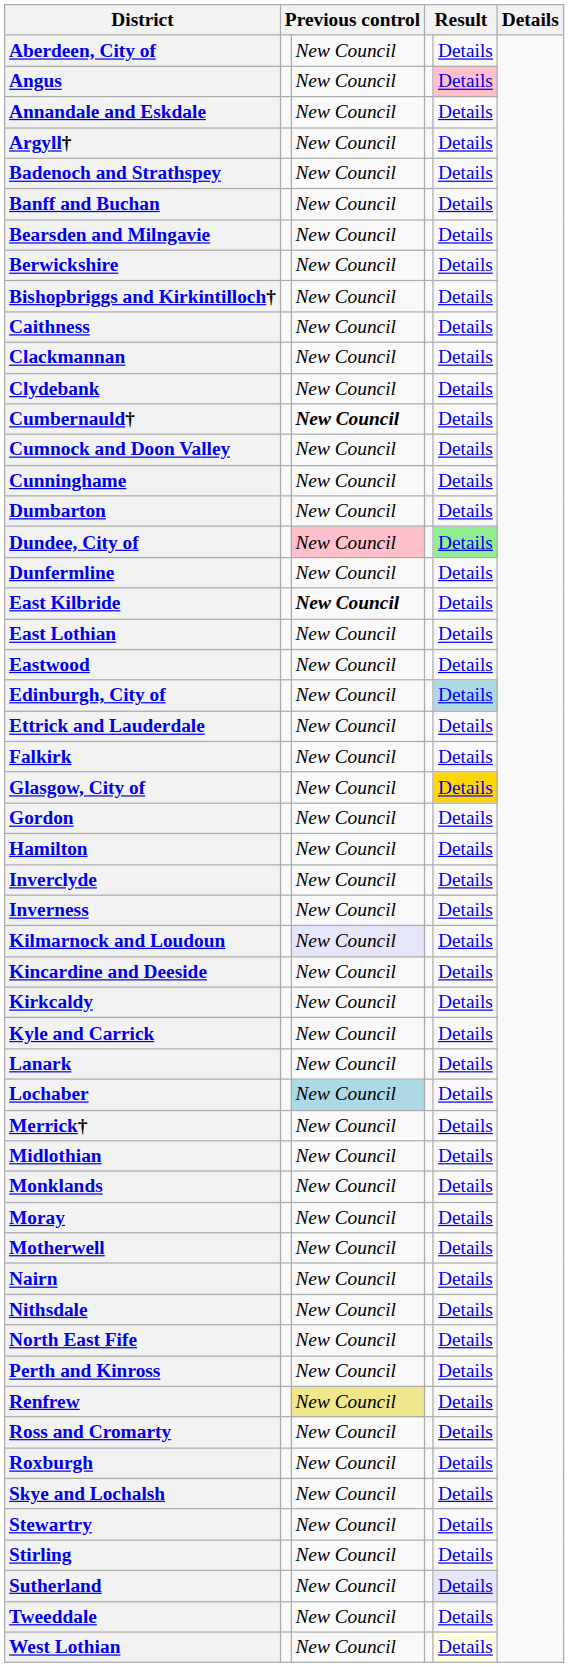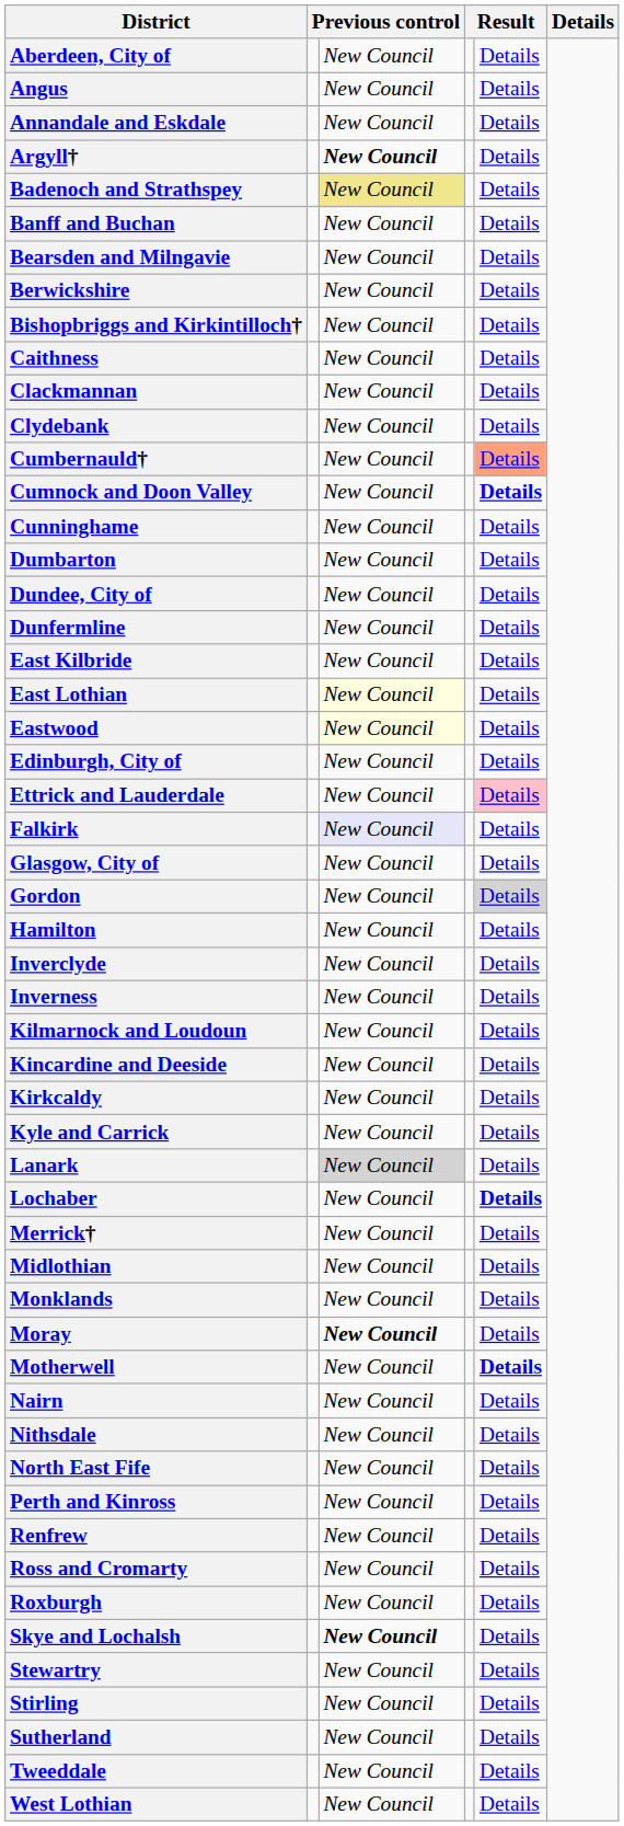 <table class="wikitable sortable" border="1">
 <tr>
 <th scope="col">District</th>
 <th colspan=2>Previous control</th>
 <th colspan=2>Result</th>
 <th class="unsortable" scope="col">Details</th>
 </tr>
 <tr>
 <th scope="row" style="text-align: left;"><a href='#'>Aberdeen, City of</a></th>
 <td></td>
 <td><em>New Council</em></td>
 <td></td>
 <td><a href='#'>Details</a></td>
 </tr>
 <tr>
 <th scope="row" style="text-align: left;"><a href='#'>Angus</a></th>
 <td></td>
 <td><em>New Council</em></td>
 <td></td>
-<td style="background: pink;"><a href='#'>Details</a></td>
+<td><a href='#'>Details</a></td>
 </tr>
 <tr>
 <th scope="row" style="text-align: left;"><a href='#'>Annandale and Eskdale</a></th>
 <td></td>
 <td><em>New Council</em></td>
 <td></td>
 <td><a href='#'>Details</a></td>
 </tr>
 <tr>
 <th scope="row" style="text-align: left;"><a href='#'>Argyll</a>†</th>
 <td></td>
-<td><em>New Council</em></td>
+<td><strong><em>New Council</em></strong></td>
 <td></td>
 <td><a href='#'>Details</a></td>
 </tr>
 <tr>
 <th scope="row" style="text-align: left;"><a href='#'>Badenoch and Strathspey</a></th>
 <td></td>
-<td><em>New Council</em></td>
+<td style="background: khaki;"><em>New Council</em></td>
 <td></td>
 <td><a href='#'>Details</a></td>
 </tr>
 <tr>
 <th scope="row" style="text-align: left;"><a href='#'>Banff and Buchan</a></th>
 <td></td>
 <td><em>New Council</em></td>
 <td></td>
 <td><a href='#'>Details</a></td>
 </tr>
 <tr>
 <th scope="row" style="text-align: left;"><a href='#'>Bearsden and Milngavie</a></th>
 <td></td>
 <td><em>New Council</em></td>
 <td></td>
 <td><a href='#'>Details</a></td>
 </tr>
 <tr>
 <th scope="row" style="text-align: left;"><a href='#'>Berwickshire</a></th>
 <td></td>
 <td><em>New Council</em></td>
 <td></td>
 <td><a href='#'>Details</a></td>
 </tr>
 <tr>
 <th scope="row" style="text-align: left;"><a href='#'>Bishopbriggs and Kirkintilloch</a>†</th>
 <td></td>
 <td><em>New Council</em></td>
 <td></td>
 <td><a href='#'>Details</a></td>
 </tr>
 <tr>
 <th scope="row" style="text-align: left;"><a href='#'>Caithness</a></th>
 <td></td>
 <td><em>New Council</em></td>
 <td></td>
 <td><a href='#'>Details</a></td>
 </tr>
 <tr>
 <th scope="row" style="text-align: left;"><a href='#'>Clackmannan</a></th>
 <td></td>
 <td><em>New Council</em></td>
 <td></td>
 <td><a href='#'>Details</a></td>
 </tr>
 <tr>
 <th scope="row" style="text-align: left;"><a href='#'>Clydebank</a></th>
 <td></td>
 <td><em>New Council</em></td>
 <td></td>
 <td><a href='#'>Details</a></td>
 </tr>
 <tr>
 <th scope="row" style="text-align: left;"><a href='#'>Cumbernauld</a>†</th>
 <td></td>
-<td><strong><em>New Council</em></strong></td>
+<td><em>New Council</em></td>
 <td></td>
-<td><a href='#'>Details</a></td>
+<td style="background: lightsalmon;"><a href='#'>Details</a></td>
 </tr>
 <tr>
 <th scope="row" style="text-align: left;"><a href='#'>Cumnock and Doon Valley</a></th>
 <td></td>
 <td><em>New Council</em></td>
 <td></td>
-<td><a href='#'>Details</a></td>
+<td><strong><a href='#'>Details</a></strong></td>
 </tr>
 <tr>
 <th scope="row" style="text-align: left;"><a href='#'>Cunninghame</a></th>
 <td></td>
 <td><em>New Council</em></td>
 <td></td>
 <td><a href='#'>Details</a></td>
 </tr>
 <tr>
 <th scope="row" style="text-align: left;"><a href='#'>Dumbarton</a></th>
 <td></td>
 <td><em>New Council</em></td>
 <td></td>
 <td><a href='#'>Details</a></td>
 </tr>
 <tr>
 <th scope="row" style="text-align: left;"><a href='#'>Dundee, City of</a></th>
 <td></td>
-<td style="background: pink;"><em>New Council</em></td>
+<td><em>New Council</em></td>
 <td></td>
-<td style="background: lightgreen;"><a href='#'>Details</a></td>
+<td><a href='#'>Details</a></td>
 </tr>
 <tr>
 <th scope="row" style="text-align: left;"><a href='#'>Dunfermline</a></th>
 <td></td>
 <td><em>New Council</em></td>
 <td></td>
 <td><a href='#'>Details</a></td>
 </tr>
 <tr>
 <th scope="row" style="text-align: left;"><a href='#'>East Kilbride</a></th>
 <td></td>
-<td><strong><em>New Council</em></strong></td>
+<td><em>New Council</em></td>
 <td></td>
 <td><a href='#'>Details</a></td>
 </tr>
 <tr>
 <th scope="row" style="text-align: left;"><a href='#'>East Lothian</a></th>
 <td></td>
-<td><em>New Council</em></td>
+<td style="background: lightyellow;"><em>New Council</em></td>
 <td></td>
 <td><a href='#'>Details</a></td>
 </tr>
 <tr>
 <th scope="row" style="text-align: left;"><a href='#'>Eastwood</a></th>
 <td></td>
-<td><em>New Council</em></td>
+<td style="background: lightyellow;"><em>New Council</em></td>
 <td></td>
 <td><a href='#'>Details</a></td>
 </tr>
 <tr>
 <th scope="row" style="text-align: left;"><a href='#'>Edinburgh, City of</a></th>
 <td></td>
 <td><em>New Council</em></td>
 <td></td>
-<td style="background: lightblue;"><a href='#'>Details</a></td>
+<td><a href='#'>Details</a></td>
 </tr>
 <tr>
 <th scope="row" style="text-align: left;"><a href='#'>Ettrick and Lauderdale</a></th>
 <td></td>
 <td><em>New Council</em></td>
 <td></td>
-<td><a href='#'>Details</a></td>
+<td style="background: pink;"><a href='#'>Details</a></td>
 </tr>
 <tr>
 <th scope="row" style="text-align: left;"><a href='#'>Falkirk</a></th>
 <td></td>
-<td><em>New Council</em></td>
+<td style="background: lavender;"><em>New Council</em></td>
 <td></td>
 <td><a href='#'>Details</a></td>
 </tr>
 <tr>
 <th scope="row" style="text-align: left;"><a href='#'>Glasgow, City of</a></th>
 <td></td>
 <td><em>New Council</em></td>
 <td></td>
-<td style="background: gold;"><a href='#'>Details</a></td>
+<td><a href='#'>Details</a></td>
 </tr>
 <tr>
 <th scope="row" style="text-align: left;"><a href='#'>Gordon</a></th>
 <td></td>
 <td><em>New Council</em></td>
 <td></td>
-<td><a href='#'>Details</a></td>
+<td style="background: lightgrey;"><a href='#'>Details</a></td>
 </tr>
 <tr>
 <th scope="row" style="text-align: left;"><a href='#'>Hamilton</a></th>
 <td></td>
 <td><em>New Council</em></td>
 <td></td>
 <td><a href='#'>Details</a></td>
 </tr>
 <tr>
 <th scope="row" style="text-align: left;"><a href='#'>Inverclyde</a></th>
 <td></td>
 <td><em>New Council</em></td>
 <td></td>
 <td><a href='#'>Details</a></td>
 </tr>
 <tr>
 <th scope="row" style="text-align: left;"><a href='#'>Inverness</a></th>
 <td></td>
 <td><em>New Council</em></td>
 <td></td>
 <td><a href='#'>Details</a></td>
 </tr>
 <tr>
 <th scope="row" style="text-align: left;"><a href='#'>Kilmarnock and Loudoun</a></th>
 <td></td>
-<td style="background: lavender;"><em>New Council</em></td>
+<td><em>New Council</em></td>
 <td></td>
 <td><a href='#'>Details</a></td>
 </tr>
 <tr>
 <th scope="row" style="text-align: left;"><a href='#'>Kincardine and Deeside</a></th>
 <td></td>
 <td><em>New Council</em></td>
 <td></td>
 <td><a href='#'>Details</a></td>
 </tr>
 <tr>
 <th scope="row" style="text-align: left;"><a href='#'>Kirkcaldy</a></th>
 <td></td>
 <td><em>New Council</em></td>
 <td></td>
 <td><a href='#'>Details</a></td>
 </tr>
 <tr>
 <th scope="row" style="text-align: left;"><a href='#'>Kyle and Carrick</a></th>
 <td></td>
 <td><em>New Council</em></td>
 <td></td>
 <td><a href='#'>Details</a></td>
 </tr>
 <tr>
 <th scope="row" style="text-align: left;"><a href='#'>Lanark</a></th>
 <td></td>
-<td><em>New Council</em></td>
+<td style="background: lightgrey;"><em>New Council</em></td>
 <td></td>
 <td><a href='#'>Details</a></td>
 </tr>
 <tr>
 <th scope="row" style="text-align: left;"><a href='#'>Lochaber</a></th>
 <td></td>
-<td style="background: lightblue;"><em>New Council</em></td>
+<td><em>New Council</em></td>
 <td></td>
-<td><a href='#'>Details</a></td>
+<td><strong><a href='#'>Details</a></strong></td>
 </tr>
 <tr>
 <th scope="row" style="text-align: left;"><a href='#'>Merrick</a>†</th>
 <td></td>
 <td><em>New Council</em></td>
 <td></td>
 <td><a href='#'>Details</a></td>
 </tr>
 <tr>
 <th scope="row" style="text-align: left;"><a href='#'>Midlothian</a></th>
 <td></td>
 <td><em>New Council</em></td>
 <td></td>
 <td><a href='#'>Details</a></td>
 </tr>
 <tr>
 <th scope="row" style="text-align: left;"><a href='#'>Monklands</a></th>
 <td></td>
 <td><em>New Council</em></td>
 <td></td>
 <td><a href='#'>Details</a></td>
 </tr>
 <tr>
 <th scope="row" style="text-align: left;"><a href='#'>Moray</a></th>
 <td></td>
-<td><em>New Council</em></td>
+<td><strong><em>New Council</em></strong></td>
 <td></td>
 <td><a href='#'>Details</a></td>
 </tr>
 <tr>
 <th scope="row" style="text-align: left;"><a href='#'>Motherwell</a></th>
 <td></td>
 <td><em>New Council</em></td>
 <td></td>
-<td><a href='#'>Details</a></td>
+<td><strong><a href='#'>Details</a></strong></td>
 </tr>
 <tr>
 <th scope="row" style="text-align: left;"><a href='#'>Nairn</a></th>
 <td></td>
 <td><em>New Council</em></td>
 <td></td>
 <td><a href='#'>Details</a></td>
 </tr>
 <tr>
 <th scope="row" style="text-align: left;"><a href='#'>Nithsdale</a></th>
 <td></td>
 <td><em>New Council</em></td>
 <td></td>
 <td><a href='#'>Details</a></td>
 </tr>
 <tr>
 <th scope="row" style="text-align: left;"><a href='#'>North East Fife</a></th>
 <td></td>
 <td><em>New Council</em></td>
 <td></td>
 <td><a href='#'>Details</a></td>
 </tr>
 <tr>
 <th scope="row" style="text-align: left;"><a href='#'>Perth and Kinross</a></th>
 <td></td>
 <td><em>New Council</em></td>
 <td></td>
 <td><a href='#'>Details</a></td>
 </tr>
 <tr>
 <th scope="row" style="text-align: left;"><a href='#'>Renfrew</a></th>
 <td></td>
-<td style="background: khaki;"><em>New Council</em></td>
+<td><em>New Council</em></td>
 <td></td>
 <td><a href='#'>Details</a></td>
 </tr>
 <tr>
 <th scope="row" style="text-align: left;"><a href='#'>Ross and Cromarty</a></th>
 <td></td>
 <td><em>New Council</em></td>
 <td></td>
 <td><a href='#'>Details</a></td>
 </tr>
 <tr>
 <th scope="row" style="text-align: left;"><a href='#'>Roxburgh</a></th>
 <td></td>
 <td><em>New Council</em></td>
 <td></td>
 <td><a href='#'>Details</a></td>
 </tr>
 <tr>
 <th scope="row" style="text-align: left;"><a href='#'>Skye and Lochalsh</a></th>
 <td></td>
-<td><em>New Council</em></td>
+<td><strong><em>New Council</em></strong></td>
 <td></td>
 <td><a href='#'>Details</a></td>
 </tr>
 <tr>
 <th scope="row" style="text-align: left;"><a href='#'>Stewartry</a></th>
 <td></td>
 <td><em>New Council</em></td>
 <td></td>
 <td><a href='#'>Details</a></td>
 </tr>
 <tr>
 <th scope="row" style="text-align: left;"><a href='#'>Stirling</a></th>
 <td></td>
 <td><em>New Council</em></td>
 <td></td>
 <td><a href='#'>Details</a></td>
 </tr>
 <tr>
 <th scope="row" style="text-align: left;"><a href='#'>Sutherland</a></th>
 <td></td>
 <td><em>New Council</em></td>
 <td></td>
-<td style="background: lavender;"><a href='#'>Details</a></td>
+<td><a href='#'>Details</a></td>
 </tr>
 <tr>
 <th scope="row" style="text-align: left;"><a href='#'>Tweeddale</a></th>
 <td></td>
 <td><em>New Council</em></td>
 <td></td>
 <td><a href='#'>Details</a></td>
 </tr>
 <tr>
 <th scope="row" style="text-align: left;"><a href='#'>West Lothian</a></th>
 <td></td>
 <td><em>New Council</em></td>
 <td></td>
-<td style="background: lightyellow;"><a href='#'>Details</a></td>
+<td><a href='#'>Details</a></td>
 </tr>
 </table>
